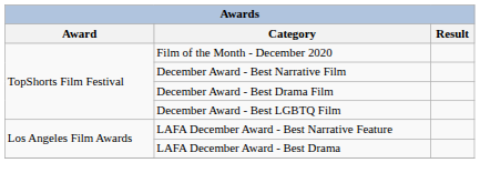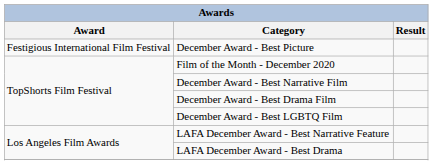 <table class="wikitable sortable" style="width:100%;">
 <tr style="background:#ccc; text-align:center;">
 <th colspan="3" style="background: LightSteelBlue;">Awards</th>
 </tr>
 <tr style="background:#ccc; text-align:center;">
 <th>Award</th>
 <th>Category</th>
 <th>Result</th>
+</tr>
+<tr>
+<td rowspan="1">Festigious International Film Festival</td>
+<td>December Award - Best Picture</td>
+<td></td>
 </tr>
 <tr>
 <td rowspan="4">TopShorts Film Festival</td>
 <td>Film of the Month - December 2020</td>
 <td></td>
 </tr>
 <tr>
 <td>December Award - Best Narrative Film</td>
 <td></td>
 </tr>
 <tr>
 <td>December Award - Best Drama Film</td>
 <td></td>
 </tr>
 <tr>
 <td>December Award - Best LGBTQ Film</td>
 <td></td>
 </tr>
 <tr>
 <td rowspan="3”">Los Angeles Film Awards</td>
 <td>LAFA December Award - Best Narrative Feature</td>
 <td></td>
 </tr>
 <tr>
 <td>LAFA December Award - Best Drama</td>
 <td></td>
 </tr>
 <tr>
 </tr>
 <tr>
 </tr>
 </table>
